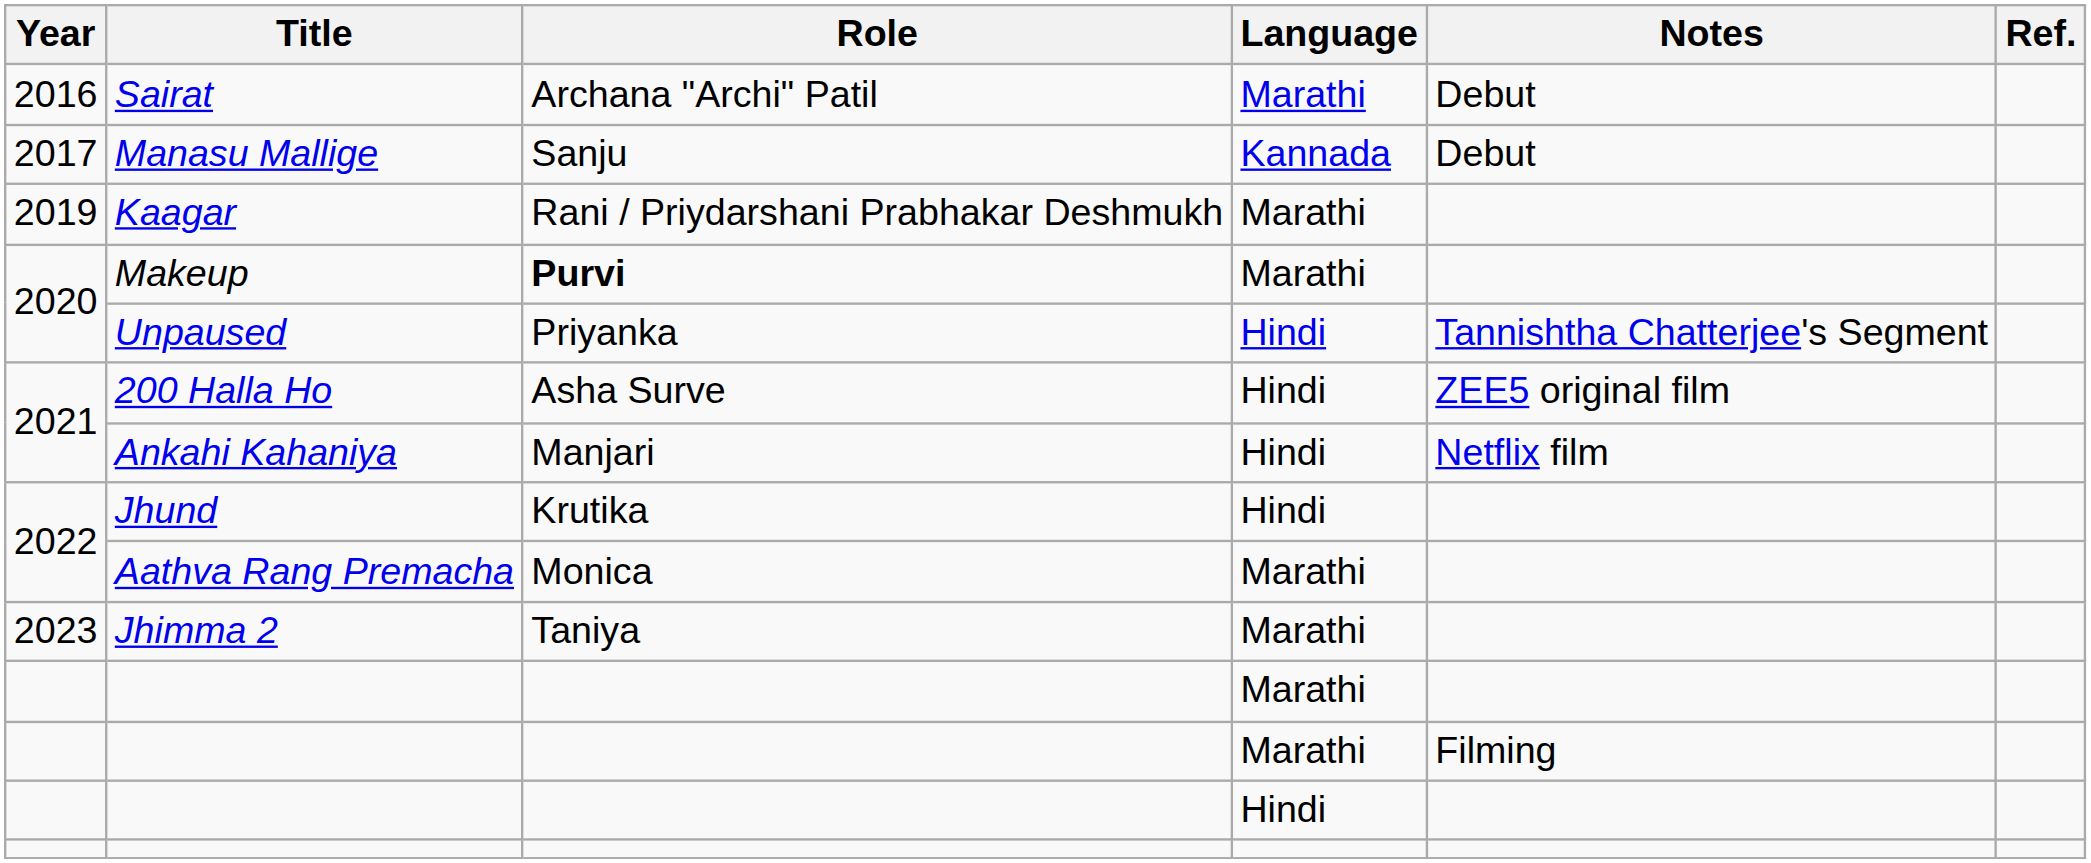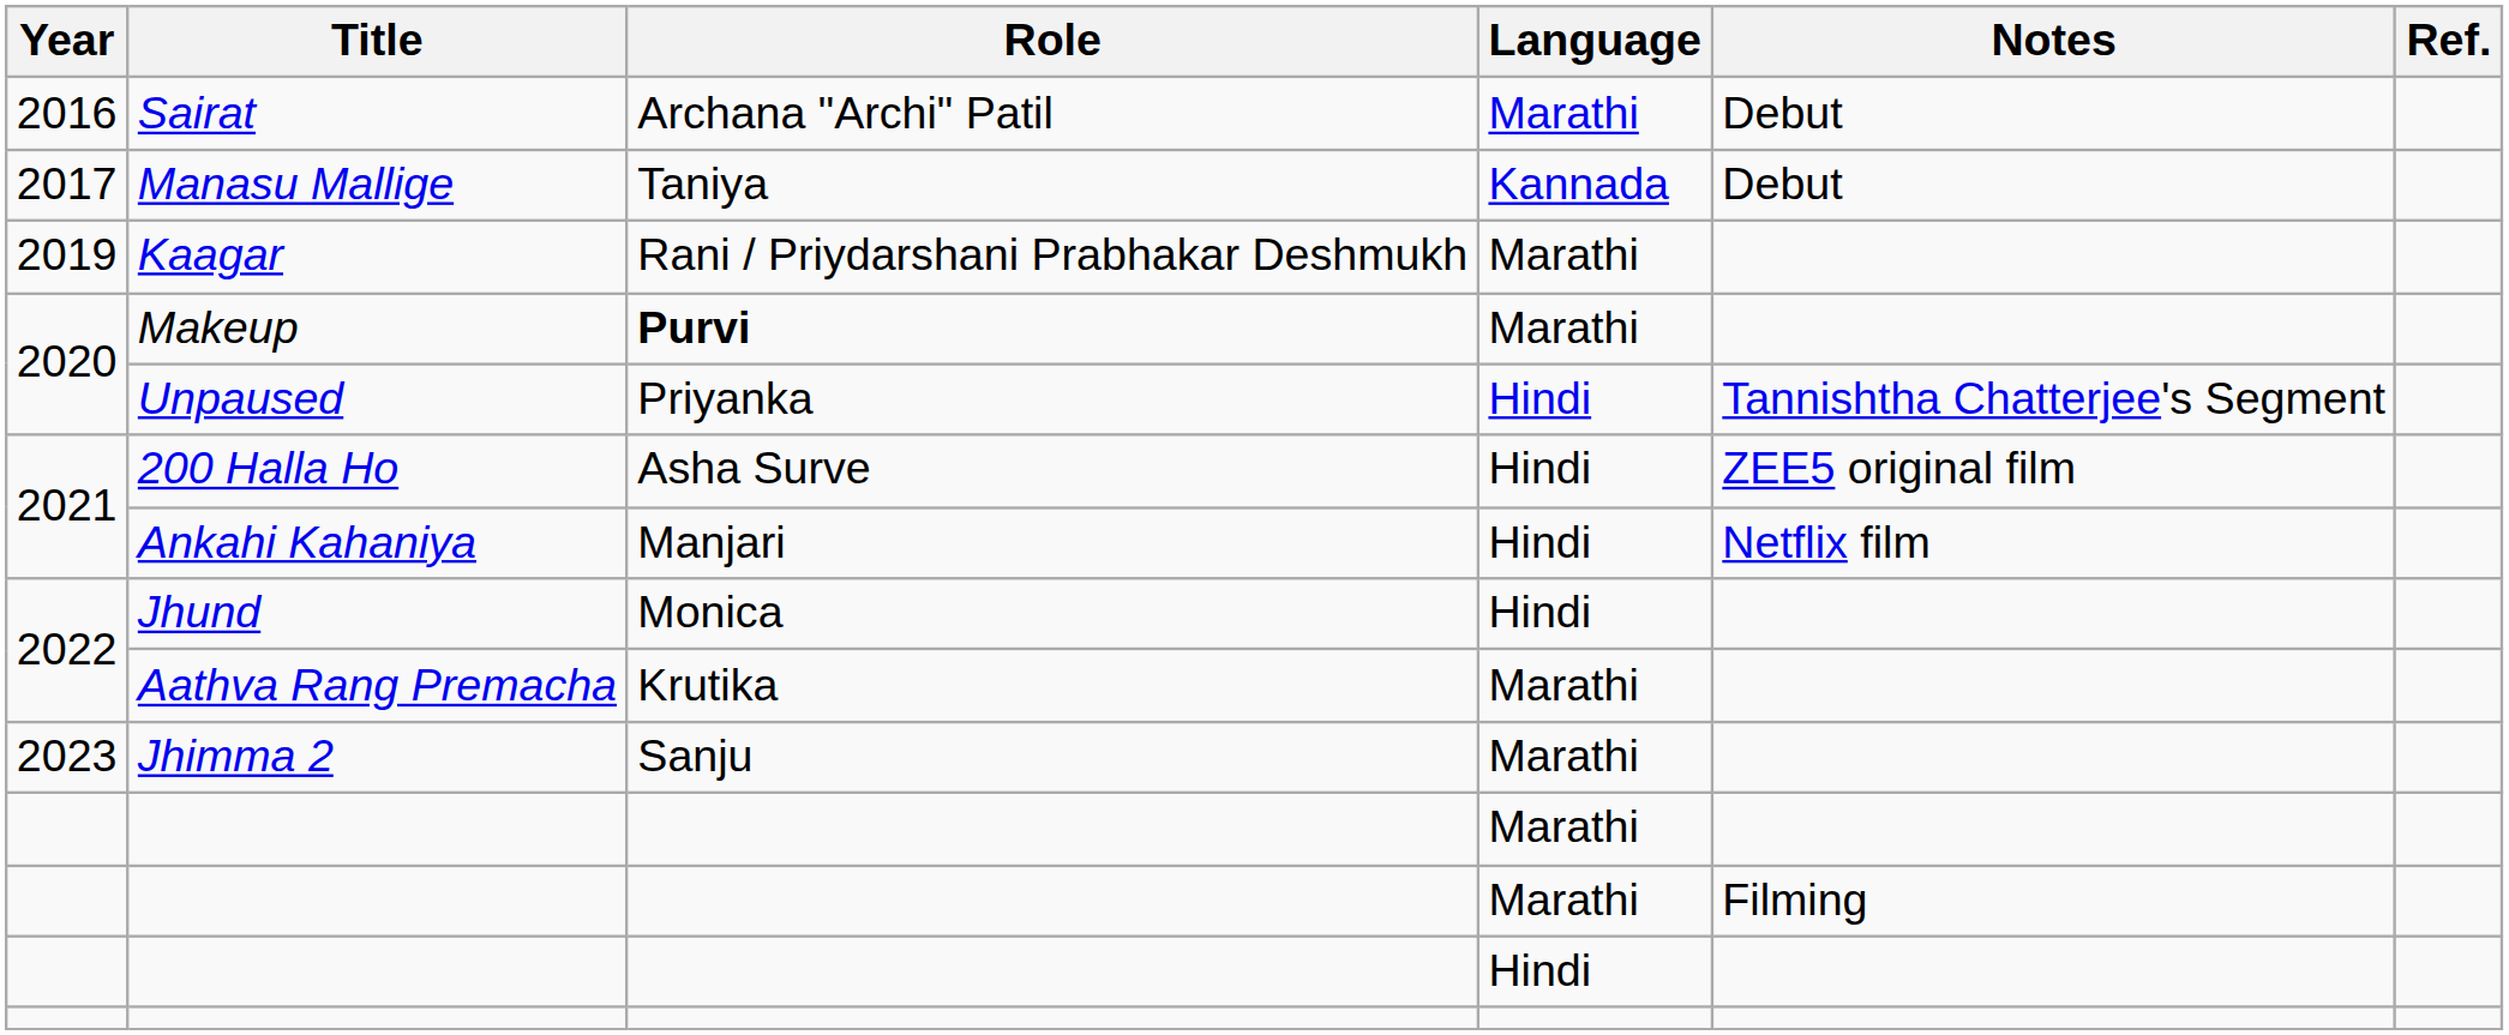 <table class="wikitable plainrowheaders sortable" style="margin-right: 0;">
 <tr>
 <th scope="col">Year</th>
 <th scope="col">Title</th>
 <th scope="col">Role</th>
 <th scope="col">Language</th>
 <th scope="col" class="unsortable">Notes</th>
 <th scope="col" class="unsortable">Ref.</th>
 </tr>
 <tr>
 <td>2016</td>
 <td scope="row"><em><a href='#'>Sairat</a></em></td>
 <td>Archana "Archi" Patil</td>
 <td><a href='#'>Marathi</a></td>
 <td>Debut</td>
 <td></td>
 </tr>
 <tr>
 <td>2017</td>
 <td scope="row"><em><a href='#'>Manasu Mallige</a></em></td>
-<td>Sanju</td>
+<td>Taniya</td>
 <td><a href='#'>Kannada</a></td>
 <td>Debut</td>
 <td></td>
 </tr>
 <tr>
 <td>2019</td>
 <td scope="row"><em><a href='#'>Kaagar</a></em></td>
 <td>Rani / Priydarshani Prabhakar Deshmukh</td>
 <td>Marathi</td>
 <td></td>
 <td></td>
 </tr>
 <tr>
 <td rowspan="2">2020</td>
 <td scope="row"><em>Makeup</em></td>
 <td><strong>Purvi</strong></td>
 <td>Marathi</td>
 <td></td>
 <td></td>
 </tr>
 <tr>
 <td scope="row"><em><a href='#'>Unpaused</a></em></td>
 <td>Priyanka</td>
 <td><a href='#'>Hindi</a></td>
 <td><a href='#'>Tannishtha Chatterjee</a>'s Segment</td>
 <td></td>
 </tr>
 <tr>
 <td rowspan="2">2021</td>
 <td scope="row"><em><a href='#'>200 Halla Ho</a></em></td>
 <td>Asha Surve</td>
 <td>Hindi</td>
 <td><a href='#'>ZEE5</a> original film</td>
 <td></td>
 </tr>
 <tr>
 <td scope="row"><em><a href='#'>Ankahi Kahaniya</a></em></td>
 <td>Manjari</td>
 <td>Hindi</td>
 <td><a href='#'>Netflix</a> film</td>
 <td></td>
 </tr>
 <tr>
 <td rowspan="2">2022</td>
 <td scope="row"><em><a href='#'>Jhund</a></em></td>
-<td>Krutika</td>
+<td>Monica</td>
 <td>Hindi</td>
 <td></td>
 <td></td>
 </tr>
 <tr>
 <td><em><a href='#'>Aathva Rang Premacha</a></em></td>
-<td>Monica</td>
+<td>Krutika</td>
 <td>Marathi</td>
 <td></td>
 <td></td>
 </tr>
 <tr>
 <td>2023</td>
 <td><em><a href='#'>Jhimma 2</a></em></td>
-<td>Taniya</td>
+<td>Sanju</td>
 <td>Marathi</td>
 <td></td>
 <td></td>
 </tr>
 <tr>
 <td></td>
 <td></td>
 <td></td>
 <td>Marathi</td>
 <td></td>
 <td></td>
 </tr>
 <tr>
 <td></td>
 <td></td>
 <td></td>
 <td>Marathi</td>
 <td>Filming</td>
 <td></td>
 </tr>
 <tr>
 <td></td>
 <td></td>
 <td></td>
 <td>Hindi</td>
 <td></td>
 <td></td>
 </tr>
 <tr>
 <td></td>
 <td></td>
 <td></td>
 <td></td>
 <td></td>
 <td></td>
 </tr>
 </table>
